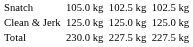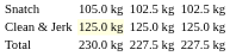 <table>
 <tr>
 <td>Snatch</td>
 <td></td>
 <td>105.0 kg</td>
 <td></td>
 <td>102.5 kg</td>
 <td></td>
 <td>102.5 kg</td>
 </tr>
 <tr>
 <td>Clean & Jerk</td>
 <td></td>
-<td>125.0 kg</td>
+<td style="background: lightyellow;">125.0 kg</td>
 <td></td>
 <td>125.0 kg</td>
 <td></td>
 <td>125.0 kg</td>
 </tr>
 <tr>
 <td>Total</td>
 <td></td>
 <td>230.0 kg</td>
 <td></td>
 <td>227.5 kg</td>
 <td></td>
 <td>227.5 kg</td>
 </tr>
 </table>
